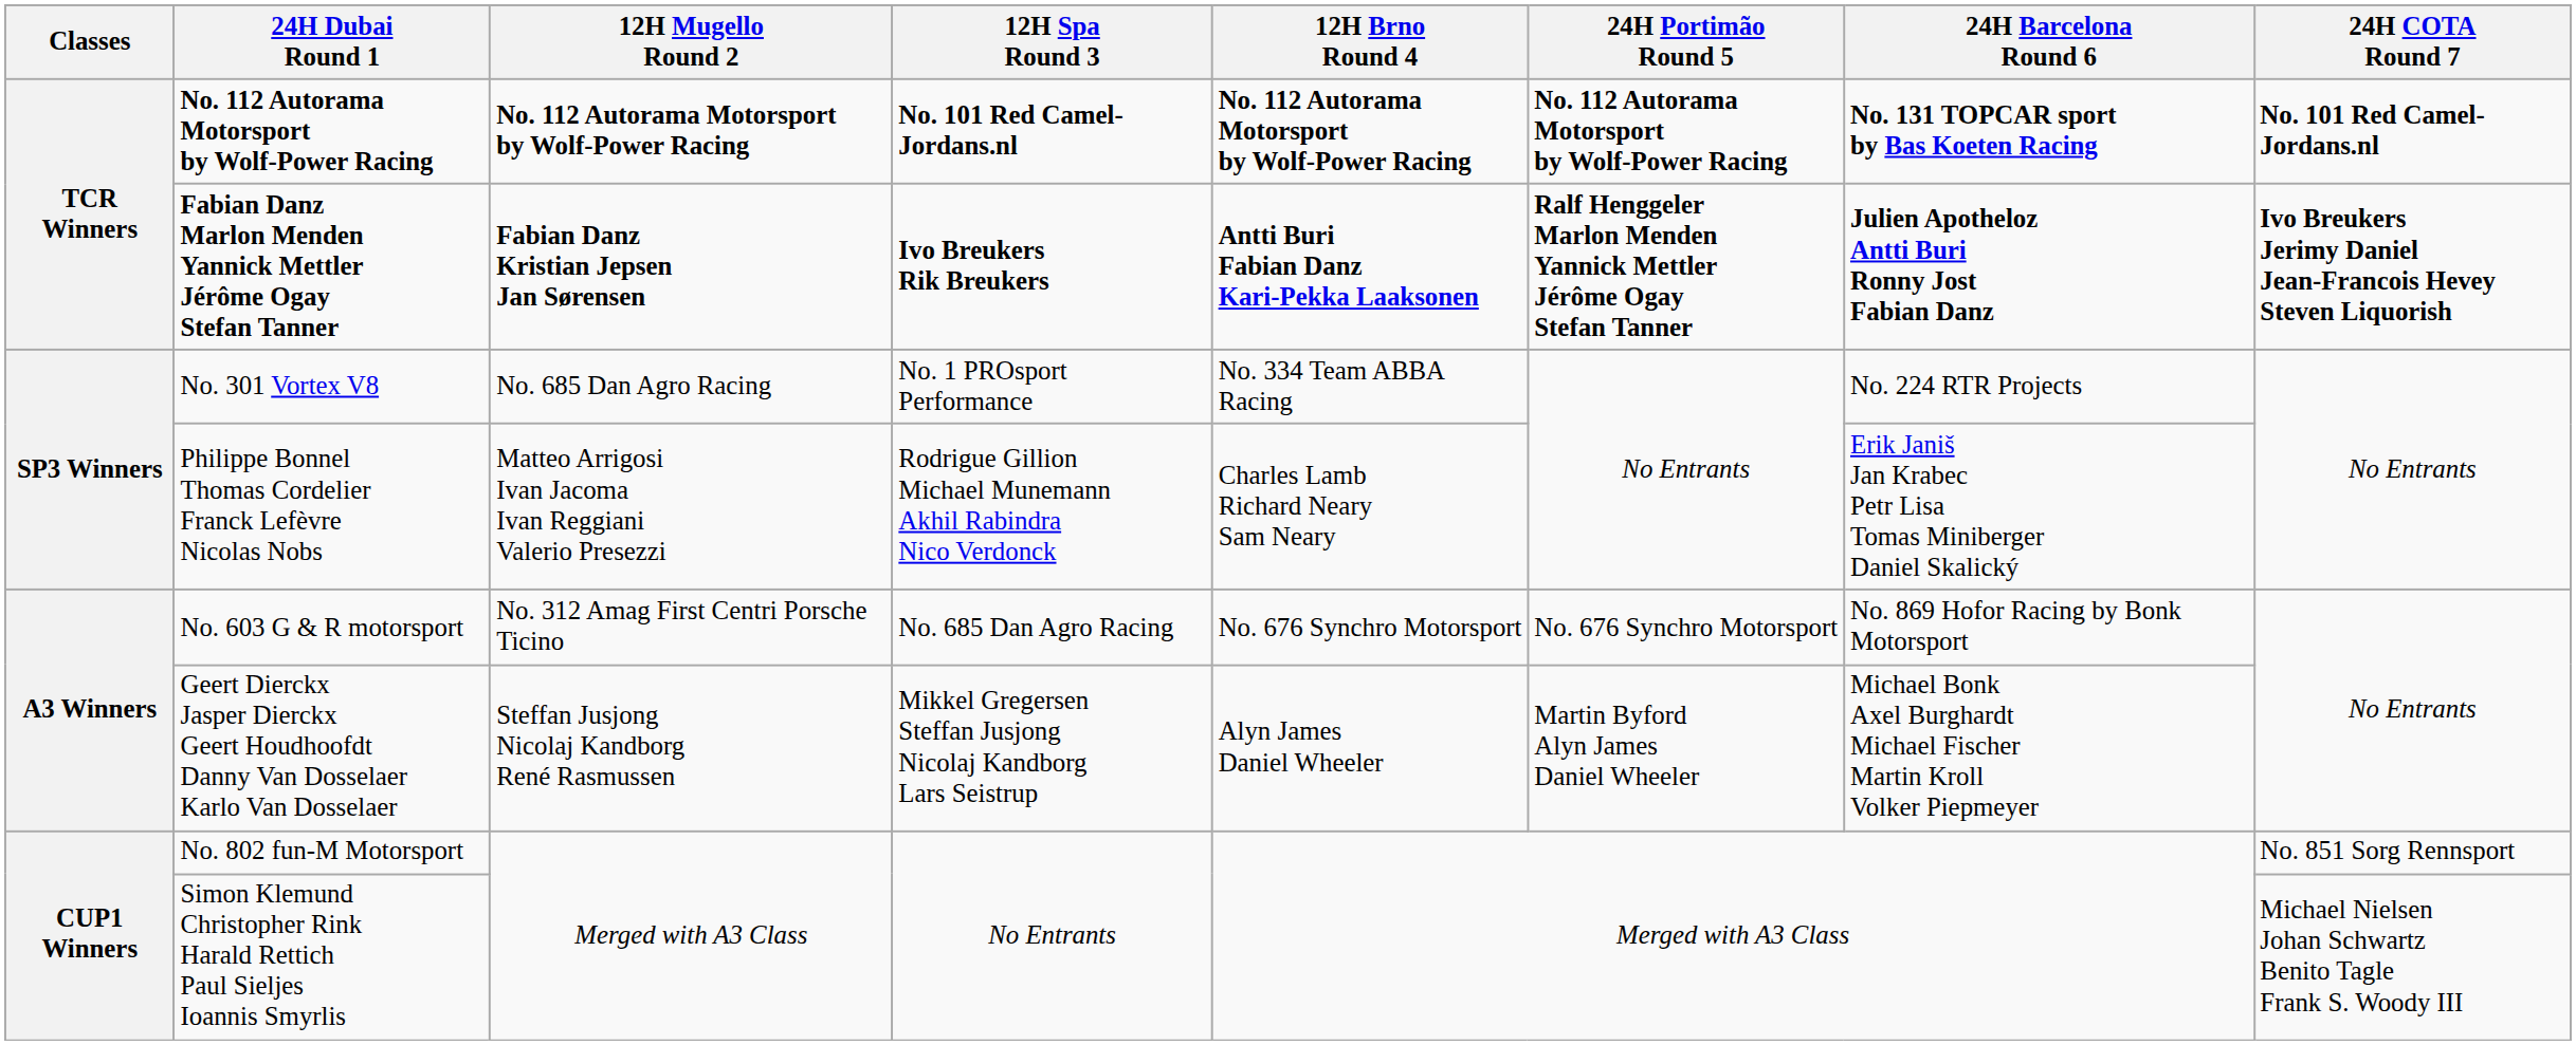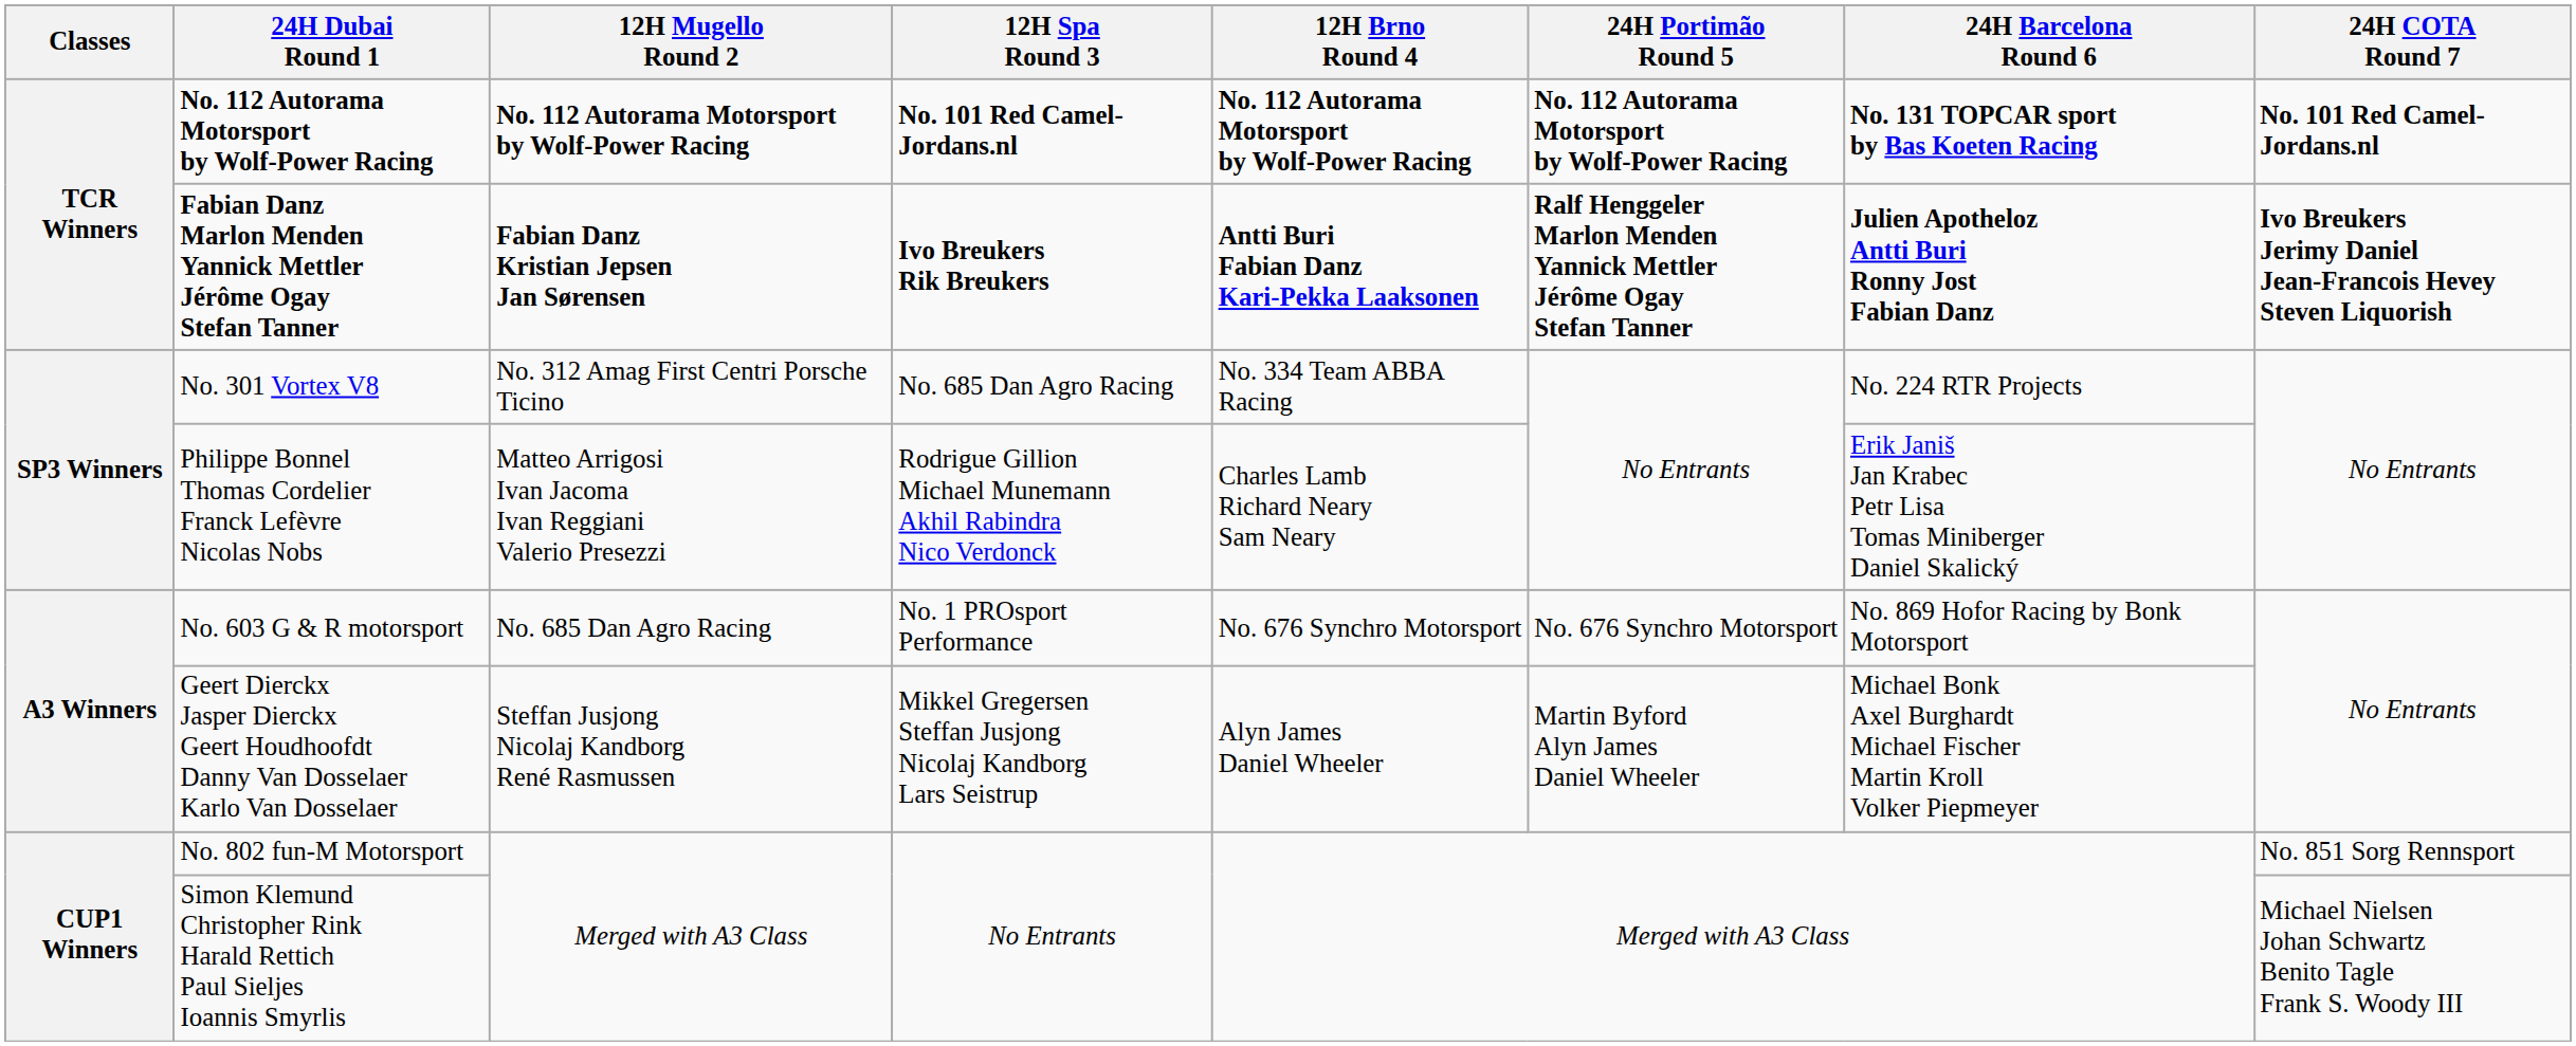 <table class="wikitable" style="font-size: 80%;">
 <tr>
 <th>Classes</th>
 <th> <a href='#'>24H Dubai</a><br>Round 1</th>
 <th> 12H <a href='#'>Mugello</a><br>Round 2</th>
 <th> 12H <a href='#'>Spa</a><br>Round 3</th>
 <th> 12H <a href='#'>Brno</a><br>Round 4</th>
 <th> 24H <a href='#'>Portimão</a><br>Round 5</th>
 <th> 24H <a href='#'>Barcelona</a><br>Round 6</th>
 <th> 24H <a href='#'>COTA</a><br>Round 7</th>
 </tr>
 <tr>
 <th rowspan=2>TCR Winners</th>
 <td><strong> No. 112 Autorama Motorsport<br>by Wolf-Power Racing</strong></td>
 <td><strong> No. 112 Autorama Motorsport<br>by Wolf-Power Racing</strong></td>
 <td><strong> No. 101 Red Camel-Jordans.nl</strong></td>
 <td><strong> No. 112 Autorama Motorsport<br>by Wolf-Power Racing</strong></td>
 <td><strong> No. 112 Autorama Motorsport<br>by Wolf-Power Racing</strong></td>
 <td><strong> No. 131 TOPCAR sport<br>by <a href='#'>Bas Koeten Racing</a></strong></td>
 <td><strong> No. 101 Red Camel-Jordans.nl</strong></td>
 </tr>
 <tr>
 <td><strong> Fabian Danz<br> Marlon Menden<br> Yannick Mettler<br> Jérôme Ogay<br> Stefan Tanner</strong></td>
 <td><strong> Fabian Danz<br> Kristian Jepsen<br> Jan Sørensen</strong></td>
 <td><strong> Ivo Breukers<br> Rik Breukers<br></strong></td>
 <td><strong> Antti Buri<br> Fabian Danz<br> <a href='#'>Kari-Pekka Laaksonen</a></strong></td>
 <td><strong> Ralf Henggeler<br> Marlon Menden<br> Yannick Mettler<br> Jérôme Ogay<br> Stefan Tanner</strong></td>
 <td><strong> Julien Apotheloz<br> <a href='#'>Antti Buri</a><br> Ronny Jost<br> Fabian Danz</strong></td>
 <td><strong> Ivo Breukers<br> Jerimy Daniel<br> Jean-Francois Hevey<br> Steven Liquorish</strong></td>
 </tr>
 <tr>
 <th rowspan=2>SP3 Winners</th>
 <td> No. 301 <a href='#'>Vortex V8</a></td>
+<td> No. 312 Amag First Centri Porsche Ticino</td>
 <td> No. 685 Dan Agro Racing</td>
-<td> No. 1 PROsport Performance</td>
 <td> No. 334 Team ABBA Racing</td>
 <td rowspan=2 align=center><em>No Entrants</em></td>
 <td> No. 224 RTR Projects</td>
 <td rowspan=2 align=center><em>No Entrants</em></td>
 </tr>
 <tr>
 <td> Philippe Bonnel<br> Thomas Cordelier<br> Franck Lefèvre<br> Nicolas Nobs</td>
 <td> Matteo Arrigosi<br> Ivan Jacoma<br> Ivan Reggiani<br> Valerio Presezzi</td>
 <td> Rodrigue Gillion<br> Michael Munemann<br> <a href='#'>Akhil Rabindra</a><br> <a href='#'>Nico Verdonck</a></td>
 <td> Charles Lamb<br> Richard Neary<br> Sam Neary</td>
 <td> <a href='#'>Erik Janiš</a><br> Jan Krabec<br> Petr Lisa<br> Tomas Miniberger<br> Daniel Skalický</td>
 </tr>
 <tr>
 <th rowspan=2>A3 Winners</th>
 <td> No. 603 G & R motorsport</td>
-<td> No. 312 Amag First Centri Porsche Ticino</td>
 <td> No. 685 Dan Agro Racing</td>
+<td> No. 1 PROsport Performance</td>
 <td> No. 676 Synchro Motorsport</td>
 <td> No. 676 Synchro Motorsport</td>
 <td> No. 869 Hofor Racing by Bonk Motorsport</td>
 <td rowspan=2 align=center><em>No Entrants</em></td>
 </tr>
 <tr>
 <td> Geert Dierckx<br> Jasper Dierckx<br> Geert Houdhoofdt<br> Danny Van Dosselaer<br> Karlo Van Dosselaer</td>
 <td> Steffan Jusjong<br> Nicolaj Kandborg<br> René Rasmussen</td>
 <td> Mikkel Gregersen<br> Steffan Jusjong<br> Nicolaj Kandborg<br> Lars Seistrup</td>
 <td> Alyn James<br> Daniel Wheeler</td>
 <td> Martin Byford<br> Alyn James<br> Daniel Wheeler</td>
 <td> Michael Bonk<br> Axel Burghardt<br> Michael Fischer<br> Martin Kroll<br> Volker Piepmeyer</td>
 </tr>
 <tr>
 <th rowspan=2>CUP1 Winners</th>
 <td> No. 802 fun-M Motorsport</td>
 <td rowspan=2 align=center><em>Merged with A3 Class</em></td>
 <td rowspan=2 align=center><em>No Entrants</em></td>
 <td rowspan=2 colspan=3 align=center><em>Merged with A3 Class</em></td>
 <td> No. 851 Sorg Rennsport</td>
 </tr>
 <tr>
 <td> Simon Klemund<br> Christopher Rink<br> Harald Rettich<br> Paul Sieljes<br> Ioannis Smyrlis</td>
 <td> Michael Nielsen<br> Johan Schwartz<br> Benito Tagle<br> Frank S. Woody III</td>
 </tr>
 </table>
